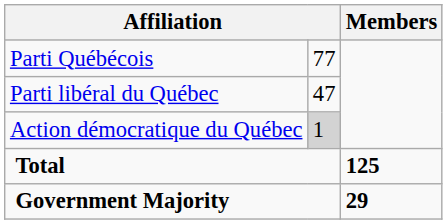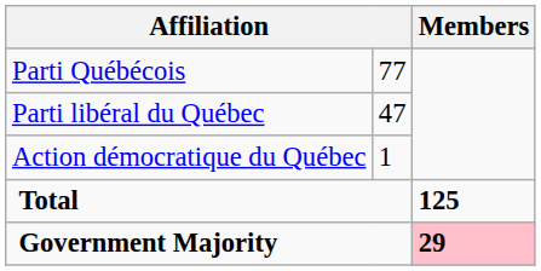 <table class="wikitable">
 <tr>
 <th colspan="2">Affiliation</th>
 <th>Members</th>
 </tr>
 <tr>
 <td align=left><a href='#'>Parti Québécois</a></td>
 <td>77</td>
 </tr>
 <tr>
 <td align=left><a href='#'>Parti libéral du Québec</a></td>
 <td>47</td>
 </tr>
 <tr>
 <td align=left><a href='#'>Action démocratique du Québec</a></td>
-<td style="background: lightgrey;">1</td>
+<td>1</td>
 </tr>
 <tr>
 <td colspan="2" style="text-align:left;"> <strong>Total</strong><br></td>
 <td><strong>125</strong></td>
 </tr>
 <tr>
 <td colspan="2" style="text-align:left;"> <strong>Government Majority</strong><br></td>
-<td><strong>29</strong></td>
+<td style="background: pink;"><strong>29</strong></td>
 </tr>
 </table>
